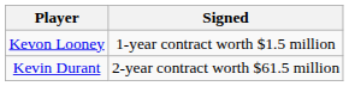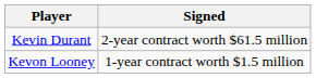 <table class="wikitable sortable sortable" style="text-align: center">
 <tr>
 <th>Player</th>
 <th>Signed</th>
 </tr>
 <tr style="text-align: center">
+<td><a href='#'>Kevin Durant</a></td>
+<td>2-year contract worth $61.5 million</td>
+</tr>
+<tr style="text-align: center">
 <td><a href='#'>Kevon Looney</a></td>
 <td>1-year contract worth $1.5 million</td>
 </tr>
-<tr style="text-align: center">
-<td><a href='#'>Kevin Durant</a></td>
-<td>2-year contract worth $61.5 million</td>
-</tr>
 </table>
